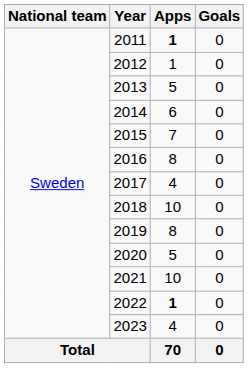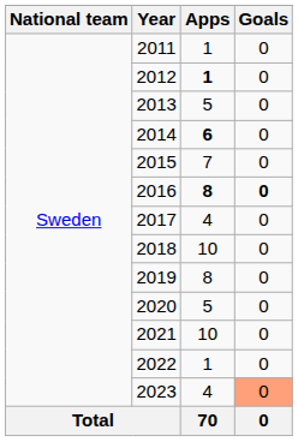 <table class="wikitable" style="text-align:center">
 <tr>
 </tr>
 <tr>
 <th>National team</th>
 <th>Year</th>
 <th>Apps</th>
 <th>Goals</th>
 </tr>
 <tr>
 <td rowspan="13"><a href='#'>Sweden</a></td>
 <td>2011</td>
-<td><strong>1</strong></td>
+<td>1</td>
 <td>0</td>
 </tr>
 <tr>
 <td>2012</td>
-<td>1</td>
+<td><strong>1</strong></td>
 <td>0</td>
 </tr>
 <tr>
 <td>2013</td>
 <td>5</td>
 <td>0</td>
 </tr>
 <tr>
 <td>2014</td>
-<td>6</td>
+<td><strong>6</strong></td>
 <td>0</td>
 </tr>
 <tr>
 <td>2015</td>
 <td>7</td>
 <td>0</td>
 </tr>
 <tr>
 <td>2016</td>
-<td>8</td>
-<td>0</td>
+<td><strong>8</strong></td>
+<td><strong>0</strong></td>
 </tr>
 <tr>
 <td>2017</td>
 <td>4</td>
 <td>0</td>
 </tr>
 <tr>
 <td>2018</td>
 <td>10</td>
 <td>0</td>
 </tr>
 <tr>
 <td>2019</td>
 <td>8</td>
 <td>0</td>
 </tr>
 <tr>
 <td>2020</td>
 <td>5</td>
 <td>0</td>
 </tr>
 <tr>
 <td>2021</td>
 <td>10</td>
 <td>0</td>
 </tr>
 <tr>
 <td>2022</td>
-<td><strong>1</strong></td>
+<td>1</td>
 <td>0</td>
 </tr>
 <tr>
 <td>2023</td>
 <td>4</td>
-<td>0</td>
+<td style="background: lightsalmon;">0</td>
 </tr>
 <tr>
 <th colspan="2">Total</th>
 <th>70</th>
 <th>0</th>
 </tr>
 </table>
